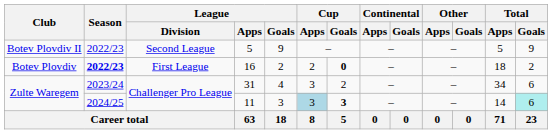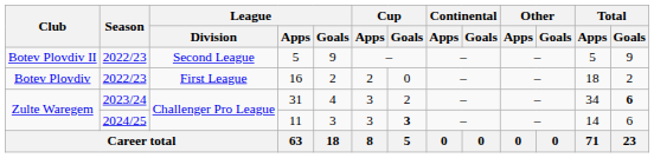 <table class="wikitable" style="text-align:center">
 <tr>
 <th rowspan="2">Club</th>
 <th rowspan="2">Season</th>
 <th colspan="3">League</th>
 <th colspan="2">Cup</th>
 <th colspan="2">Continental</th>
 <th colspan="2">Other</th>
 <th colspan="2">Total</th>
 </tr>
 <tr>
 <th>Division</th>
 <th>Apps</th>
 <th>Goals</th>
 <th>Apps</th>
 <th>Goals</th>
 <th>Apps</th>
 <th>Goals</th>
 <th>Apps</th>
 <th>Goals</th>
 <th>Apps</th>
 <th>Goals</th>
 </tr>
 <tr>
 <td><a href='#'>Botev Plovdiv II</a></td>
 <td><a href='#'>2022/23</a></td>
 <td><a href='#'>Second League</a></td>
 <td>5</td>
 <td>9</td>
 <td colspan="2">–</td>
 <td colspan="2">–</td>
 <td colspan="2">–</td>
 <td>5</td>
 <td>9</td>
 </tr>
 <tr>
 <td><a href='#'>Botev Plovdiv</a></td>
-<td><strong><a href='#'>2022/23</a></strong></td>
+<td><a href='#'>2022/23</a></td>
 <td><a href='#'>First League</a></td>
 <td>16</td>
 <td>2</td>
 <td>2</td>
-<td><strong>0</strong></td>
+<td>0</td>
 <td colspan="2">–</td>
 <td colspan="2">–</td>
 <td>18</td>
 <td>2</td>
 </tr>
 <tr>
 <td rowspan="2"><a href='#'>Zulte Waregem</a></td>
 <td><a href='#'>2023/24</a></td>
 <td rowspan="2"><a href='#'>Challenger Pro League</a></td>
 <td>31</td>
 <td>4</td>
 <td>3</td>
 <td>2</td>
 <td colspan="2">–</td>
 <td colspan="2">–</td>
 <td>34</td>
-<td>6</td>
+<td><strong>6</strong></td>
 </tr>
 <tr>
 <td><a href='#'>2024/25</a></td>
 <td>11</td>
 <td>3</td>
-<td style="background: lightblue;">3</td>
+<td>3</td>
 <td><strong>3</strong></td>
 <td colspan="2">–</td>
 <td colspan="2">–</td>
 <td>14</td>
-<td style="background: paleturquoise;">6</td>
+<td>6</td>
 </tr>
 <tr>
 <th colspan="3">Career total</th>
 <th>63</th>
 <th>18</th>
 <th>8</th>
 <th>5</th>
 <th>0</th>
 <th>0</th>
 <th>0</th>
 <th>0</th>
 <th>71</th>
 <th>23</th>
 </tr>
 </table>
